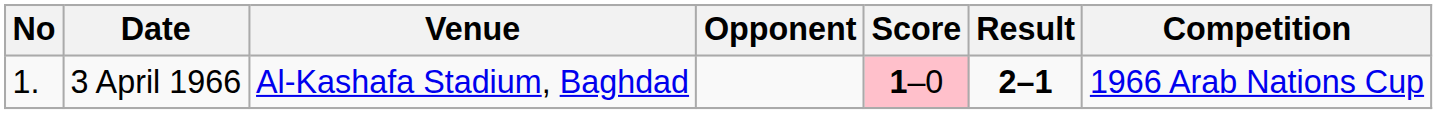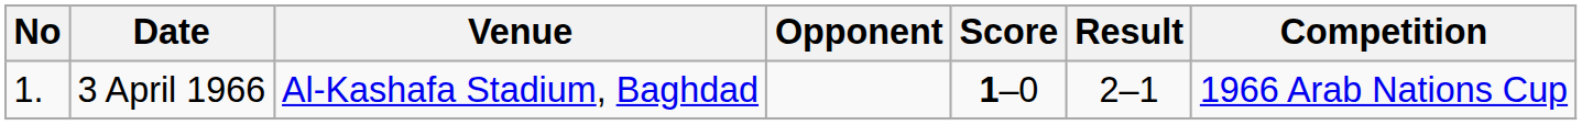 <table class="wikitable" style="font-size:100%;">
 <tr>
 <th>No</th>
 <th>Date</th>
 <th>Venue</th>
 <th>Opponent</th>
 <th>Score</th>
 <th>Result</th>
 <th>Competition</th>
 </tr>
 <tr>
 <td>1.</td>
 <td>3 April 1966</td>
 <td><a href='#'>Al-Kashafa Stadium</a>, <a href='#'>Baghdad</a></td>
 <td></td>
-<td align=center style="background: pink;"><strong>1</strong>–0</td>
-<td align=center><strong>2–1</strong></td>
+<td align=center><strong>1</strong>–0</td>
+<td align=center>2–1</td>
 <td><a href='#'>1966 Arab Nations Cup</a></td>
 </tr>
 <tr>
 </tr>
 </table>
